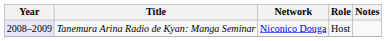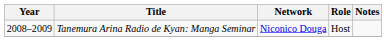 <table class="wikitable sortable">
 <tr>
 <th>Year</th>
 <th>Title</th>
 <th>Network</th>
 <th>Role</th>
 <th class="unsortable">Notes</th>
 </tr>
 <tr>
-<td style="background: lavender;">2008–2009</td>
+<td>2008–2009</td>
 <td><em>Tanemura Arina Radio de Kyan: Manga Seminar</em></td>
 <td><a href='#'>Niconico Douga</a></td>
 <td>Host</td>
 <td></td>
 </tr>
 <tr>
 </tr>
 </table>
